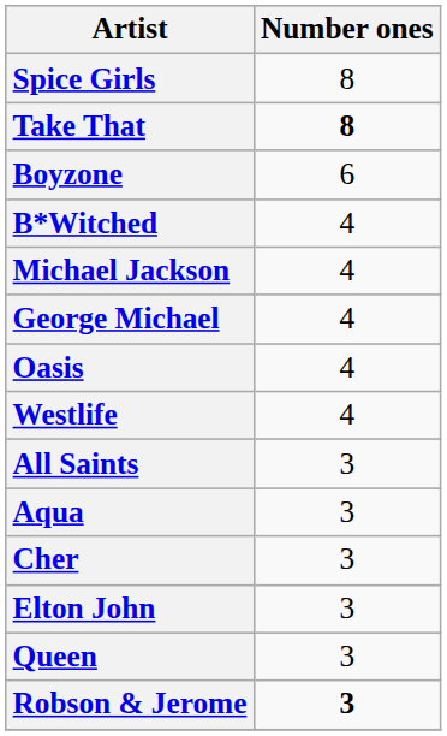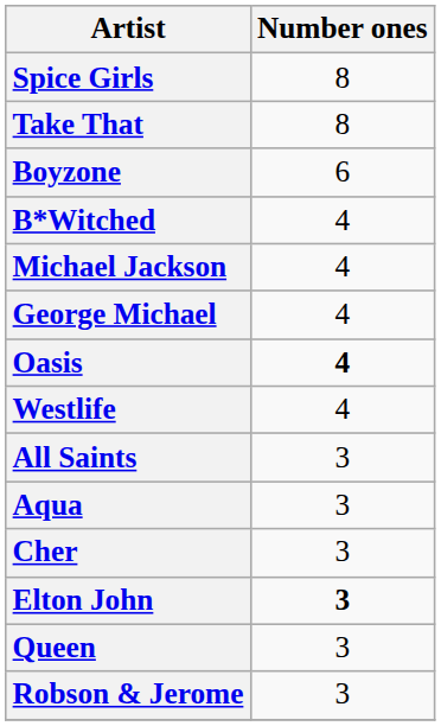 <table class="wikitable plainrowheaders sortable" border="1" style="text-align: center;">
 <tr>
 <th scope=col>Artist</th>
 <th scope=col>Number ones</th>
 </tr>
 <tr>
 <th scope=row style="text-align:left;"><a href='#'>Spice Girls</a></th>
 <td>8</td>
 </tr>
 <tr>
 <th scope=row style="text-align:left;"><a href='#'>Take That</a></th>
-<td><strong>8</strong></td>
+<td>8</td>
 </tr>
 <tr>
 <th scope=row style="text-align:left;"><a href='#'>Boyzone</a></th>
 <td>6</td>
 </tr>
 <tr>
 <th scope=row style="text-align:left;"><a href='#'>B*Witched</a></th>
 <td>4</td>
 </tr>
 <tr>
 <th scope=row style="text-align:left;"><a href='#'>Michael Jackson</a></th>
 <td>4</td>
 </tr>
 <tr>
 <th scope=row style="text-align:left;"><a href='#'>George Michael</a></th>
 <td>4</td>
 </tr>
 <tr>
 <th scope=row style="text-align:left;"><a href='#'>Oasis</a></th>
-<td>4</td>
+<td><strong>4</strong></td>
 </tr>
 <tr>
 <th scope=row style="text-align:left;"><a href='#'>Westlife</a></th>
 <td>4</td>
 </tr>
 <tr>
 <th scope=row style="text-align:left;"><a href='#'>All Saints</a></th>
 <td>3</td>
 </tr>
 <tr>
 <th scope=row style="text-align:left;"><a href='#'>Aqua</a></th>
 <td>3</td>
 </tr>
 <tr>
 <th scope=row style="text-align:left;"><a href='#'>Cher</a></th>
 <td>3</td>
 </tr>
 <tr>
 <th scope=row style="text-align:left;"><a href='#'>Elton John</a></th>
-<td>3</td>
+<td><strong>3</strong></td>
 </tr>
 <tr>
 <th scope=row style="text-align:left;"><a href='#'>Queen</a></th>
 <td>3</td>
 </tr>
 <tr>
 <th scope=row style="text-align:left;"><a href='#'>Robson & Jerome</a></th>
-<td><strong>3</strong></td>
+<td>3</td>
 </tr>
 <tr>
 </tr>
 </table>
